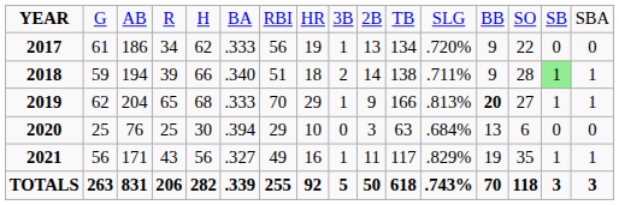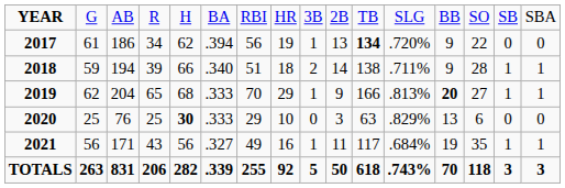 <table class="sortable wikitable">
 <tr align=center>
 <td><strong>YEAR</strong></td>
 <td><a href='#'>G</a></td>
 <td><a href='#'>AB</a></td>
 <td><a href='#'>R</a></td>
 <td><a href='#'>H</a></td>
 <td><a href='#'>BA</a></td>
 <td><a href='#'>RBI</a></td>
 <td><a href='#'>HR</a></td>
 <td><a href='#'>3B</a></td>
 <td><a href='#'>2B</a></td>
 <td><a href='#'>TB</a></td>
 <td><a href='#'>SLG</a></td>
 <td><a href='#'>BB</a></td>
 <td><a href='#'>SO</a></td>
 <td><a href='#'>SB</a></td>
 <td>SBA</td>
 </tr>
 <tr align=center>
 <td><strong>2017</strong></td>
 <td>61</td>
 <td>186</td>
 <td>34</td>
 <td>62</td>
-<td>.333</td>
+<td>.394</td>
 <td>56</td>
 <td>19</td>
 <td>1</td>
 <td>13</td>
-<td>134</td>
+<td><strong>134</strong></td>
 <td>.720%</td>
 <td>9</td>
 <td>22</td>
 <td>0</td>
 <td>0</td>
 </tr>
 <tr align=center>
 <td><strong>2018</strong></td>
 <td>59</td>
 <td>194</td>
 <td>39</td>
 <td>66</td>
 <td>.340</td>
 <td>51</td>
 <td>18</td>
 <td>2</td>
 <td>14</td>
 <td>138</td>
 <td>.711%</td>
 <td>9</td>
 <td>28</td>
-<td style="background: lightgreen;">1</td>
+<td>1</td>
 <td>1</td>
 </tr>
 <tr align=center>
 <td><strong>2019</strong></td>
 <td>62</td>
 <td>204</td>
 <td>65</td>
 <td>68</td>
 <td>.333</td>
 <td>70</td>
 <td>29</td>
 <td>1</td>
 <td>9</td>
 <td>166</td>
 <td>.813%</td>
 <td><strong>20</strong></td>
 <td>27</td>
 <td>1</td>
 <td>1</td>
 </tr>
 <tr align=center>
 <td><strong>2020</strong></td>
 <td>25</td>
 <td>76</td>
 <td>25</td>
-<td>30</td>
-<td>.394</td>
+<td><strong>30</strong></td>
+<td>.333</td>
 <td>29</td>
 <td>10</td>
 <td>0</td>
 <td>3</td>
 <td>63</td>
-<td>.684%</td>
+<td>.829%</td>
 <td>13</td>
 <td>6</td>
 <td>0</td>
 <td>0</td>
 </tr>
 <tr align=center>
 <td><strong>2021</strong></td>
 <td>56</td>
 <td>171</td>
 <td>43</td>
 <td>56</td>
 <td>.327</td>
 <td>49</td>
 <td>16</td>
 <td>1</td>
 <td>11</td>
 <td>117</td>
-<td>.829%</td>
+<td>.684%</td>
 <td>19</td>
 <td>35</td>
 <td>1</td>
 <td>1</td>
 </tr>
 <tr align=center>
 <td><strong>TOTALS</strong></td>
 <td><strong>263</strong></td>
 <td><strong>831</strong></td>
 <td><strong>206</strong></td>
 <td><strong>282</strong></td>
 <td><strong>.339</strong></td>
 <td><strong>255</strong></td>
 <td><strong>92</strong></td>
 <td><strong>5</strong></td>
 <td><strong>50</strong></td>
 <td><strong>618</strong></td>
 <td><strong>.743%</strong></td>
 <td><strong>70</strong></td>
 <td><strong>118</strong></td>
 <td><strong>3</strong></td>
 <td><strong>3</strong></td>
 </tr>
 </table>
